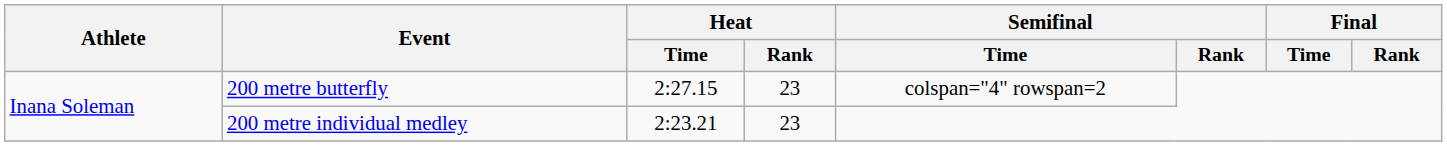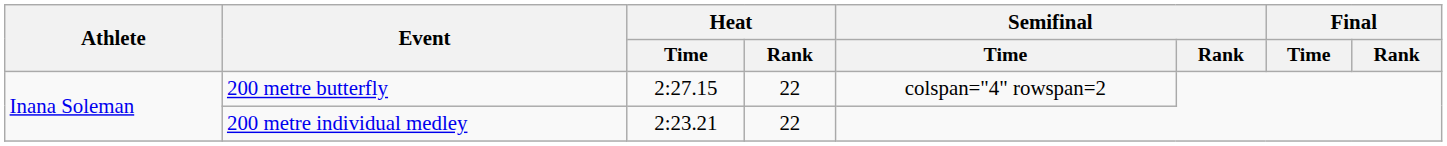 <table class="wikitable" style="text-align:center; font-size:90%; width:50%;">
 <tr>
 <th rowspan="2">Athlete</th>
 <th rowspan="2">Event</th>
 <th colspan="2">Heat</th>
 <th colspan="2">Semifinal</th>
 <th colspan="2">Final</th>
 </tr>
 <tr style="font-size:95%">
 <th>Time</th>
 <th>Rank</th>
 <th>Time</th>
 <th>Rank</th>
 <th>Time</th>
 <th>Rank</th>
 </tr>
 <tr>
 <td align=left rowspan=2><a href='#'>Inana Soleman</a></td>
 <td align=left><a href='#'>200 metre butterfly</a></td>
 <td>2:27.15</td>
-<td>23</td>
+<td>22</td>
 <td>colspan="4" rowspan=2 </td>
 </tr>
 <tr>
 <td align=left><a href='#'>200 metre individual medley</a></td>
 <td>2:23.21</td>
-<td>23</td>
+<td>22</td>
 </tr>
 </table>
